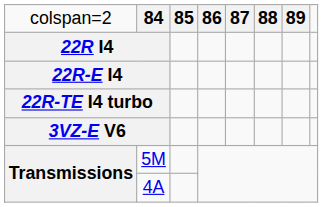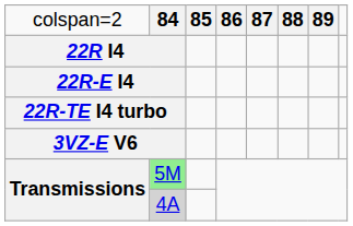 <table class="wikitable sortable" style="font-size:100%;text-align:center;">
 <tr>
 <td>colspan=2 </td>
 <th>84</th>
 <th>85</th>
 <th>86</th>
 <th>87</th>
 <th>88</th>
 <th>89</th>
 </tr>
 <tr>
 <th colspan=2><a href='#'><em>22R</em></a> I4</th>
 <td></td>
 <td></td>
 <td></td>
 <td></td>
 <td></td>
 <td></td>
 </tr>
 <tr>
 <th colspan=2><a href='#'><em>22R-E</em></a> I4</th>
 <td></td>
 <td></td>
 <td></td>
 <td></td>
 <td></td>
 <td></td>
 </tr>
 <tr>
 <th colspan=2><a href='#'><em>22R-TE</em></a> I4 turbo</th>
 <td></td>
 <td></td>
 <td></td>
 <td></td>
 <td></td>
 <td></td>
 </tr>
 <tr>
 <th colspan=2><a href='#'><em>3VZ-E</em></a> V6</th>
 <td></td>
 <td></td>
 <td></td>
 <td></td>
 <td></td>
 <td></td>
 </tr>
 <tr>
 <th rowspan=2>Transmissions</th>
-<td><a href='#'>5M</a></td>
+<td style="background: lightgreen;"><a href='#'>5M</a></td>
 <td></td>
 </tr>
 <tr>
-<td><a href='#'>4A</a></td>
+<td style="background: lightgrey;"><a href='#'>4A</a></td>
 <td></td>
 </tr>
 </table>
